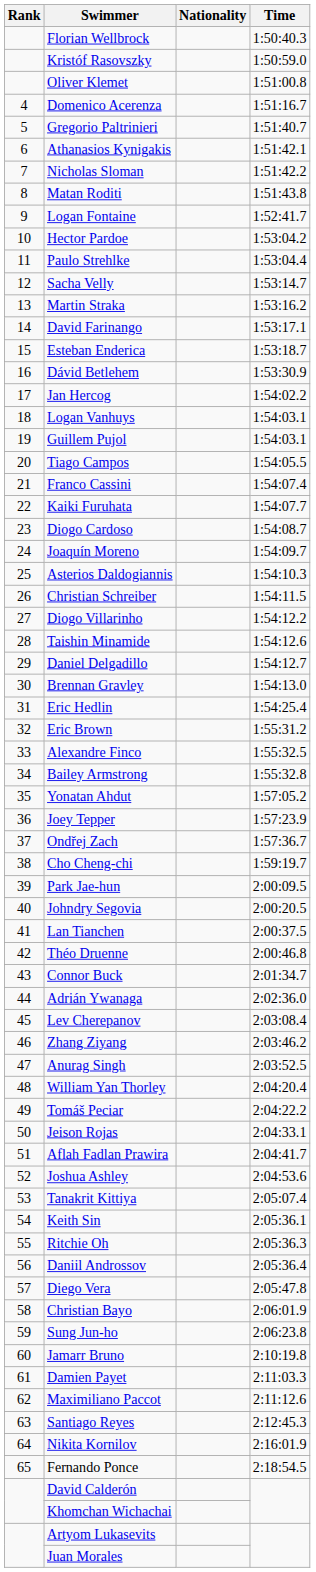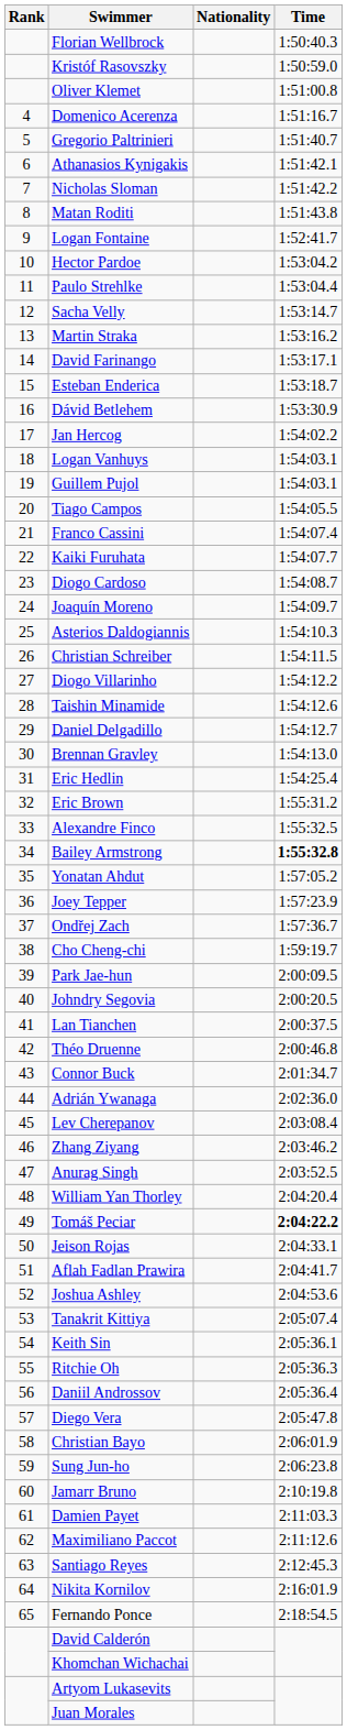 <table class="wikitable sortable" style="text-align:center">
 <tr>
 <th>Rank</th>
 <th>Swimmer</th>
 <th>Nationality</th>
 <th>Time</th>
 </tr>
 <tr>
 <td></td>
 <td align=left><a href='#'>Florian Wellbrock</a></td>
 <td align=left></td>
 <td>1:50:40.3</td>
 </tr>
 <tr>
 <td></td>
 <td align=left><a href='#'>Kristóf Rasovszky</a></td>
 <td align=left></td>
 <td>1:50:59.0</td>
 </tr>
 <tr>
 <td></td>
 <td align=left><a href='#'>Oliver Klemet</a></td>
 <td align=left></td>
 <td>1:51:00.8</td>
 </tr>
 <tr>
 <td>4</td>
 <td align=left><a href='#'>Domenico Acerenza</a></td>
 <td align=left></td>
 <td>1:51:16.7</td>
 </tr>
 <tr>
 <td>5</td>
 <td align=left><a href='#'>Gregorio Paltrinieri</a></td>
 <td align=left></td>
 <td>1:51:40.7</td>
 </tr>
 <tr>
 <td>6</td>
 <td align=left><a href='#'>Athanasios Kynigakis</a></td>
 <td align=left></td>
 <td>1:51:42.1</td>
 </tr>
 <tr>
 <td>7</td>
 <td align=left><a href='#'>Nicholas Sloman</a></td>
 <td align=left></td>
 <td>1:51:42.2</td>
 </tr>
 <tr>
 <td>8</td>
 <td align=left><a href='#'>Matan Roditi</a></td>
 <td align=left></td>
 <td>1:51:43.8</td>
 </tr>
 <tr>
 <td>9</td>
 <td align=left><a href='#'>Logan Fontaine</a></td>
 <td align=left></td>
 <td>1:52:41.7</td>
 </tr>
 <tr>
 <td>10</td>
 <td align=left><a href='#'>Hector Pardoe</a></td>
 <td align=left></td>
 <td>1:53:04.2</td>
 </tr>
 <tr>
 <td>11</td>
 <td align=left><a href='#'>Paulo Strehlke</a></td>
 <td align=left></td>
 <td>1:53:04.4</td>
 </tr>
 <tr>
 <td>12</td>
 <td align=left><a href='#'>Sacha Velly</a></td>
 <td align=left></td>
 <td>1:53:14.7</td>
 </tr>
 <tr>
 <td>13</td>
 <td align=left><a href='#'>Martin Straka</a></td>
 <td align=left></td>
 <td>1:53:16.2</td>
 </tr>
 <tr>
 <td>14</td>
 <td align=left><a href='#'>David Farinango</a></td>
 <td align=left></td>
 <td>1:53:17.1</td>
 </tr>
 <tr>
 <td>15</td>
 <td align=left><a href='#'>Esteban Enderica</a></td>
 <td align=left></td>
 <td>1:53:18.7</td>
 </tr>
 <tr>
 <td>16</td>
 <td align=left><a href='#'>Dávid Betlehem</a></td>
 <td align=left></td>
 <td>1:53:30.9</td>
 </tr>
 <tr>
 <td>17</td>
 <td align=left><a href='#'>Jan Hercog</a></td>
 <td align=left></td>
 <td>1:54:02.2</td>
 </tr>
 <tr>
 <td>18</td>
 <td align=left><a href='#'>Logan Vanhuys</a></td>
 <td align=left></td>
 <td>1:54:03.1</td>
 </tr>
 <tr>
 <td>19</td>
 <td align=left><a href='#'>Guillem Pujol</a></td>
 <td align=left></td>
 <td>1:54:03.1</td>
 </tr>
 <tr>
 <td>20</td>
 <td align=left><a href='#'>Tiago Campos</a></td>
 <td align=left></td>
 <td>1:54:05.5</td>
 </tr>
 <tr>
 <td>21</td>
 <td align=left><a href='#'>Franco Cassini</a></td>
 <td align=left></td>
 <td>1:54:07.4</td>
 </tr>
 <tr>
 <td>22</td>
 <td align=left><a href='#'>Kaiki Furuhata</a></td>
 <td align=left></td>
 <td>1:54:07.7</td>
 </tr>
 <tr>
 <td>23</td>
 <td align=left><a href='#'>Diogo Cardoso</a></td>
 <td align=left></td>
 <td>1:54:08.7</td>
 </tr>
 <tr>
 <td>24</td>
 <td align=left><a href='#'>Joaquín Moreno</a></td>
 <td align=left></td>
 <td>1:54:09.7</td>
 </tr>
 <tr>
 <td>25</td>
 <td align=left><a href='#'>Asterios Daldogiannis</a></td>
 <td align=left></td>
 <td>1:54:10.3</td>
 </tr>
 <tr>
 <td>26</td>
 <td align=left><a href='#'>Christian Schreiber</a></td>
 <td align=left></td>
 <td>1:54:11.5</td>
 </tr>
 <tr>
 <td>27</td>
 <td align=left><a href='#'>Diogo Villarinho</a></td>
 <td align=left></td>
 <td>1:54:12.2</td>
 </tr>
 <tr>
 <td>28</td>
 <td align=left><a href='#'>Taishin Minamide</a></td>
 <td align=left></td>
 <td>1:54:12.6</td>
 </tr>
 <tr>
 <td>29</td>
 <td align=left><a href='#'>Daniel Delgadillo</a></td>
 <td align=left></td>
 <td>1:54:12.7</td>
 </tr>
 <tr>
 <td>30</td>
 <td align=left><a href='#'>Brennan Gravley</a></td>
 <td align=left></td>
 <td>1:54:13.0</td>
 </tr>
 <tr>
 <td>31</td>
 <td align=left><a href='#'>Eric Hedlin</a></td>
 <td align=left></td>
 <td>1:54:25.4</td>
 </tr>
 <tr>
 <td>32</td>
 <td align=left><a href='#'>Eric Brown</a></td>
 <td align=left></td>
 <td>1:55:31.2</td>
 </tr>
 <tr>
 <td>33</td>
 <td align=left><a href='#'>Alexandre Finco</a></td>
 <td align=left></td>
 <td>1:55:32.5</td>
 </tr>
 <tr>
 <td>34</td>
 <td align=left><a href='#'>Bailey Armstrong</a></td>
 <td align=left></td>
-<td>1:55:32.8</td>
+<td><strong>1:55:32.8</strong></td>
 </tr>
 <tr>
 <td>35</td>
 <td align=left><a href='#'>Yonatan Ahdut</a></td>
 <td align=left></td>
 <td>1:57:05.2</td>
 </tr>
 <tr>
 <td>36</td>
 <td align=left><a href='#'>Joey Tepper</a></td>
 <td align=left></td>
 <td>1:57:23.9</td>
 </tr>
 <tr>
 <td>37</td>
 <td align=left><a href='#'>Ondřej Zach</a></td>
 <td align=left></td>
 <td>1:57:36.7</td>
 </tr>
 <tr>
 <td>38</td>
 <td align=left><a href='#'>Cho Cheng-chi</a></td>
 <td align=left></td>
 <td>1:59:19.7</td>
 </tr>
 <tr>
 <td>39</td>
 <td align=left><a href='#'>Park Jae-hun</a></td>
 <td align=left></td>
 <td>2:00:09.5</td>
 </tr>
 <tr>
 <td>40</td>
 <td align=left><a href='#'>Johndry Segovia</a></td>
 <td align=left></td>
 <td>2:00:20.5</td>
 </tr>
 <tr>
 <td>41</td>
 <td align=left><a href='#'>Lan Tianchen</a></td>
 <td align=left></td>
 <td>2:00:37.5</td>
 </tr>
 <tr>
 <td>42</td>
 <td align=left><a href='#'>Théo Druenne</a></td>
 <td align=left></td>
 <td>2:00:46.8</td>
 </tr>
 <tr>
 <td>43</td>
 <td align=left><a href='#'>Connor Buck</a></td>
 <td align=left></td>
 <td>2:01:34.7</td>
 </tr>
 <tr>
 <td>44</td>
 <td align=left><a href='#'>Adrián Ywanaga</a></td>
 <td align=left></td>
 <td>2:02:36.0</td>
 </tr>
 <tr>
 <td>45</td>
 <td align=left><a href='#'>Lev Cherepanov</a></td>
 <td align=left></td>
 <td>2:03:08.4</td>
 </tr>
 <tr>
 <td>46</td>
 <td align=left><a href='#'>Zhang Ziyang</a></td>
 <td align=left></td>
 <td>2:03:46.2</td>
 </tr>
 <tr>
 <td>47</td>
 <td align=left><a href='#'>Anurag Singh</a></td>
 <td align=left></td>
 <td>2:03:52.5</td>
 </tr>
 <tr>
 <td>48</td>
 <td align=left><a href='#'>William Yan Thorley</a></td>
 <td align=left></td>
 <td>2:04:20.4</td>
 </tr>
 <tr>
 <td>49</td>
 <td align=left><a href='#'>Tomáš Peciar</a></td>
 <td align=left></td>
-<td>2:04:22.2</td>
+<td><strong>2:04:22.2</strong></td>
 </tr>
 <tr>
 <td>50</td>
 <td align=left><a href='#'>Jeison Rojas</a></td>
 <td align=left></td>
 <td>2:04:33.1</td>
 </tr>
 <tr>
 <td>51</td>
 <td align=left><a href='#'>Aflah Fadlan Prawira</a></td>
 <td align=left></td>
 <td>2:04:41.7</td>
 </tr>
 <tr>
 <td>52</td>
 <td align=left><a href='#'>Joshua Ashley</a></td>
 <td align=left></td>
 <td>2:04:53.6</td>
 </tr>
 <tr>
 <td>53</td>
 <td align=left><a href='#'>Tanakrit Kittiya</a></td>
 <td align=left></td>
 <td>2:05:07.4</td>
 </tr>
 <tr>
 <td>54</td>
 <td align=left><a href='#'>Keith Sin</a></td>
 <td align=left></td>
 <td>2:05:36.1</td>
 </tr>
 <tr>
 <td>55</td>
 <td align=left><a href='#'>Ritchie Oh</a></td>
 <td align=left></td>
 <td>2:05:36.3</td>
 </tr>
 <tr>
 <td>56</td>
 <td align=left><a href='#'>Daniil Androssov</a></td>
 <td align=left></td>
 <td>2:05:36.4</td>
 </tr>
 <tr>
 <td>57</td>
 <td align=left><a href='#'>Diego Vera</a></td>
 <td align=left></td>
 <td>2:05:47.8</td>
 </tr>
 <tr>
 <td>58</td>
 <td align=left><a href='#'>Christian Bayo</a></td>
 <td align=left></td>
 <td>2:06:01.9</td>
 </tr>
 <tr>
 <td>59</td>
 <td align=left><a href='#'>Sung Jun-ho</a></td>
 <td align=left></td>
 <td>2:06:23.8</td>
 </tr>
 <tr>
 <td>60</td>
 <td align=left><a href='#'>Jamarr Bruno</a></td>
 <td align=left></td>
 <td>2:10:19.8</td>
 </tr>
 <tr>
 <td>61</td>
 <td align=left><a href='#'>Damien Payet</a></td>
 <td align=left></td>
 <td>2:11:03.3</td>
 </tr>
 <tr>
 <td>62</td>
 <td align=left><a href='#'>Maximiliano Paccot</a></td>
 <td align=left></td>
 <td>2:11:12.6</td>
 </tr>
 <tr>
 <td>63</td>
 <td align=left><a href='#'>Santiago Reyes</a></td>
 <td align=left></td>
 <td>2:12:45.3</td>
 </tr>
 <tr>
 <td>64</td>
 <td align=left><a href='#'>Nikita Kornilov</a></td>
 <td align=left></td>
 <td>2:16:01.9</td>
 </tr>
 <tr>
 <td>65</td>
 <td align=left>Fernando Ponce</td>
 <td align=left></td>
 <td>2:18:54.5</td>
 </tr>
 <tr>
 <td rowspan=2></td>
 <td align=left><a href='#'>David Calderón</a></td>
 <td align=left></td>
 <td rowspan=2></td>
 </tr>
 <tr>
 <td align=left><a href='#'>Khomchan Wichachai</a></td>
 <td align=left></td>
 </tr>
 <tr>
 <td rowspan=2></td>
 <td align=left><a href='#'>Artyom Lukasevits</a></td>
 <td align=left></td>
 <td rowspan=2></td>
 </tr>
 <tr>
 <td align=left><a href='#'>Juan Morales</a></td>
 <td align=left></td>
 </tr>
 </table>
